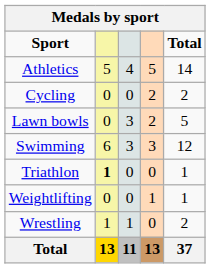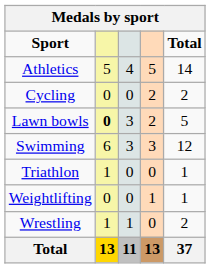 <table class="wikitable" style="font-size:80%; float:right">
 <tr bgcolor=#efefef>
 <th colspan=7>Medals by sport</th>
 </tr>
 <tr align=center>
 <td><strong>Sport</strong></td>
 <td bgcolor=#f7f6a8></td>
 <td bgcolor=#dce5e5></td>
 <td bgcolor=#ffdab9></td>
 <td><strong>Total</strong></td>
 </tr>
 <tr align=center>
 <td><a href='#'>Athletics</a></td>
 <td bgcolor=#f7f6a8>5</td>
 <td bgcolor=#dce5e5>4</td>
 <td bgcolor=#ffdab9>5</td>
 <td>14</td>
 </tr>
 <tr align=center>
 <td><a href='#'>Cycling</a></td>
 <td bgcolor=#f7f6a8>0</td>
 <td bgcolor=#dce5e5>0</td>
 <td bgcolor=#ffdab9>2</td>
 <td>2</td>
 </tr>
 <tr align=center>
 <td><a href='#'>Lawn bowls</a></td>
-<td bgcolor=#f7f6a8>0</td>
+<td bgcolor=#f7f6a8><strong>0</strong></td>
 <td bgcolor=#dce5e5>3</td>
 <td bgcolor=#ffdab9>2</td>
 <td>5</td>
 </tr>
 <tr align=center>
 <td><a href='#'>Swimming</a></td>
 <td bgcolor=#f7f6a8>6</td>
 <td bgcolor=#dce5e5>3</td>
 <td bgcolor=#ffdab9>3</td>
 <td>12</td>
 </tr>
 <tr align=center>
 <td><a href='#'>Triathlon</a></td>
-<td bgcolor=#f7f6a8><strong>1</strong></td>
+<td bgcolor=#f7f6a8>1</td>
 <td bgcolor=#dce5e5>0</td>
 <td bgcolor=#ffdab9>0</td>
 <td>1</td>
 </tr>
 <tr align=center>
 <td><a href='#'>Weightlifting</a></td>
 <td bgcolor=#f7f6a8>0</td>
 <td bgcolor=#dce5e5>0</td>
 <td bgcolor=#ffdab9>1</td>
 <td>1</td>
 </tr>
 <tr align=center>
 <td><a href='#'>Wrestling</a></td>
 <td bgcolor=#f7f6a8>1</td>
 <td bgcolor=#dce5e5>1</td>
 <td bgcolor=#ffdab9>0</td>
 <td>2</td>
 </tr>
 <tr align=center>
 <th>Total</th>
 <th style="background:gold;">13</th>
 <th style="background:silver;">11</th>
 <th style="background:#c96;">13</th>
 <th>37</th>
 </tr>
 </table>
